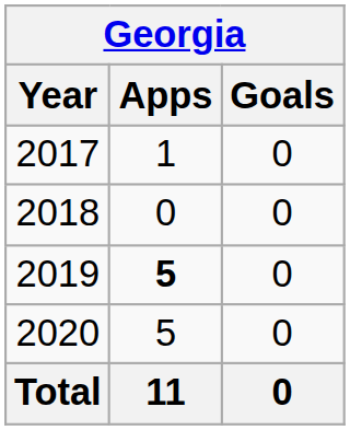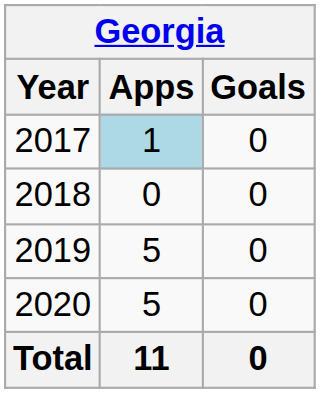 <table class="wikitable" style="text-align:center">
 <tr>
 <th colspan=3><a href='#'>Georgia</a></th>
 </tr>
 <tr>
 <th>Year</th>
 <th>Apps</th>
 <th>Goals</th>
 </tr>
 <tr>
 <td>2017</td>
-<td>1</td>
+<td style="background: lightblue;">1</td>
 <td>0</td>
 </tr>
 <tr>
 <td>2018</td>
 <td>0</td>
 <td>0</td>
 </tr>
 <tr>
 <td>2019</td>
-<td><strong>5</strong></td>
+<td>5</td>
 <td>0</td>
 </tr>
 <tr>
 <td>2020</td>
 <td>5</td>
 <td>0</td>
 </tr>
 <tr>
 <th>Total</th>
 <th>11</th>
 <th>0</th>
 </tr>
 </table>
